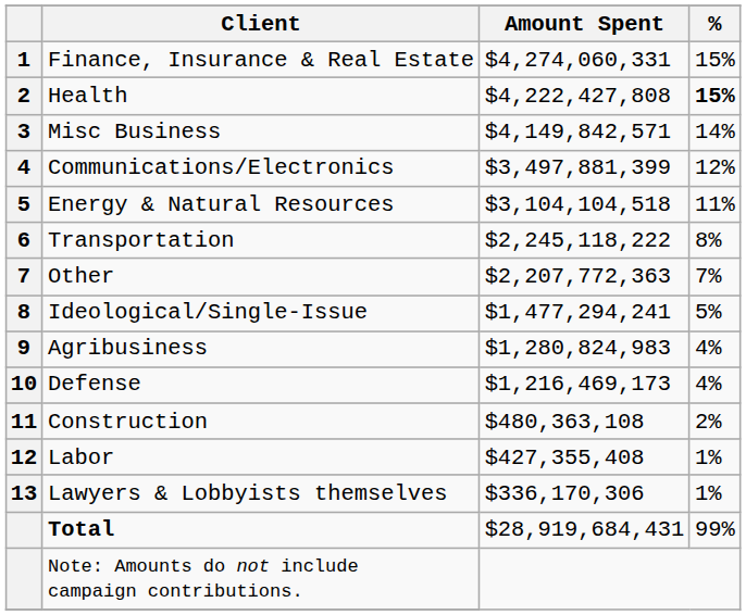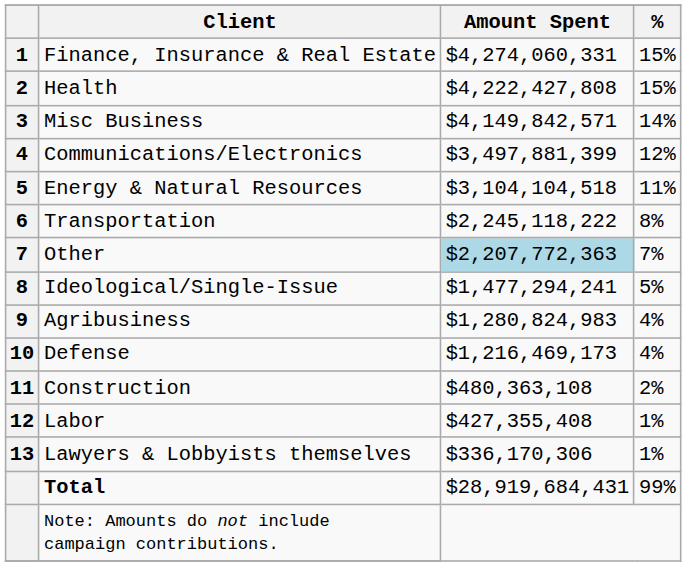 <table class="wikitable" style="float:right;">
 <tr>
 </tr>
 <tr>
 <th></th>
 <th>Client</th>
 <th>Amount Spent</th>
 <th>%</th>
 </tr>
 <tr>
 <th>1</th>
 <td>Finance, Insurance & Real Estate</td>
 <td>$4,274,060,331</td>
 <td>15%</td>
 </tr>
 <tr>
 <th>2</th>
 <td>Health</td>
 <td>$4,222,427,808</td>
-<td><strong>15%</strong></td>
+<td>15%</td>
 </tr>
 <tr>
 <th>3</th>
 <td>Misc Business</td>
 <td>$4,149,842,571</td>
 <td>14%</td>
 </tr>
 <tr>
 <th>4</th>
 <td>Communications/Electronics</td>
 <td>$3,497,881,399</td>
 <td>12%</td>
 </tr>
 <tr>
 <th>5</th>
 <td>Energy & Natural Resources</td>
 <td>$3,104,104,518</td>
 <td>11%</td>
 </tr>
 <tr>
 <th>6</th>
 <td>Transportation</td>
 <td>$2,245,118,222</td>
 <td>8%</td>
 </tr>
 <tr>
 <th>7</th>
 <td>Other</td>
-<td>$2,207,772,363</td>
+<td style="background: lightblue;">$2,207,772,363</td>
 <td>7%</td>
 </tr>
 <tr>
 <th>8</th>
 <td>Ideological/Single-Issue</td>
 <td>$1,477,294,241</td>
 <td>5%</td>
 </tr>
 <tr>
 <th>9</th>
 <td>Agribusiness</td>
 <td>$1,280,824,983</td>
 <td>4%</td>
 </tr>
 <tr>
 <th>10</th>
 <td>Defense</td>
 <td>$1,216,469,173</td>
 <td>4%</td>
 </tr>
 <tr>
 <th>11</th>
 <td>Construction</td>
 <td>$480,363,108</td>
 <td>2%</td>
 </tr>
 <tr>
 <th>12</th>
 <td>Labor</td>
 <td>$427,355,408</td>
 <td>1%</td>
 </tr>
 <tr>
 <th>13</th>
 <td>Lawyers & Lobbyists themselves</td>
 <td>$336,170,306</td>
 <td>1%</td>
 </tr>
 <tr>
 <th></th>
 <td><strong>Total</strong></td>
 <td>$28,919,684,431</td>
 <td>99%</td>
 </tr>
 <tr>
 <th></th>
 <td><small>Note: Amounts do <em>not</em> include<br>campaign contributions.</small></td>
 </tr>
 <tr>
 </tr>
 </table>
